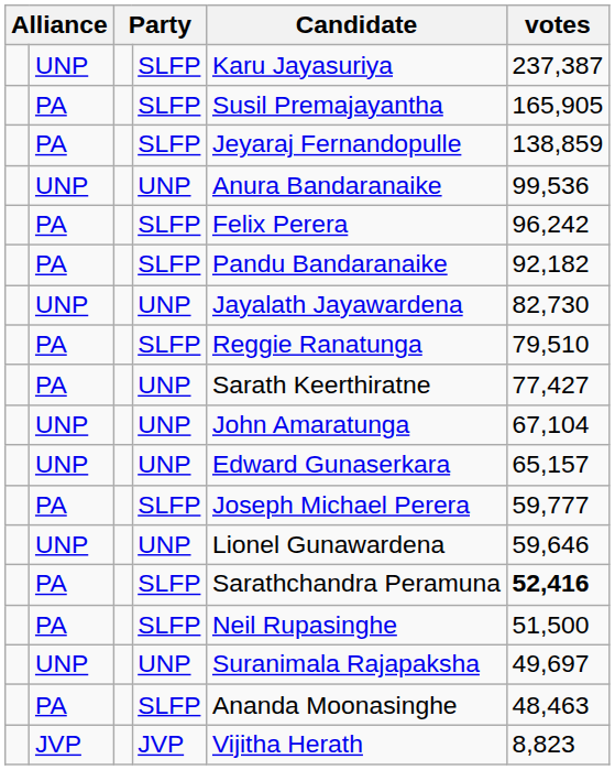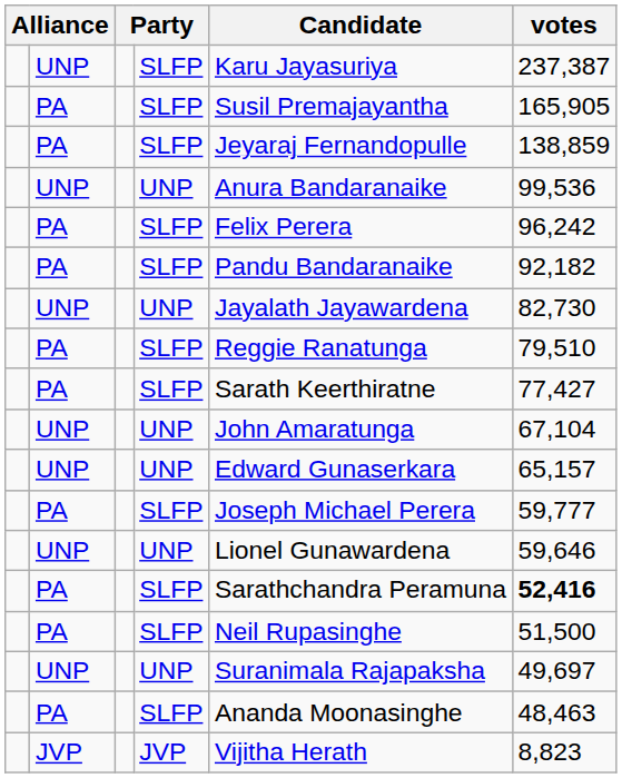 <table class="wikitable sortable mw-collapsible">
 <tr>
 <th colspan="2">Alliance</th>
 <th colspan="2">Party</th>
 <th>Candidate</th>
 <th>votes</th>
 </tr>
 <tr>
 <td bgcolor=> </td>
 <td align=left><a href='#'>UNP</a></td>
 <td bgcolor=> </td>
 <td align=left><a href='#'>SLFP</a></td>
 <td><a href='#'>Karu Jayasuriya</a></td>
 <td>237,387</td>
 </tr>
 <tr>
 <td bgcolor=> </td>
 <td align=left><a href='#'>PA</a></td>
 <td bgcolor=> </td>
 <td align=left><a href='#'>SLFP</a></td>
 <td><a href='#'>Susil Premajayantha</a></td>
 <td>165,905</td>
 </tr>
 <tr>
 <td bgcolor=> </td>
 <td align=left><a href='#'>PA</a></td>
 <td bgcolor=> </td>
 <td align=left><a href='#'>SLFP</a></td>
 <td><a href='#'>Jeyaraj Fernandopulle</a></td>
 <td>138,859</td>
 </tr>
 <tr>
 <td bgcolor=> </td>
 <td align=left><a href='#'>UNP</a></td>
 <td bgcolor=> </td>
 <td align=left><a href='#'>UNP</a></td>
 <td><a href='#'>Anura Bandaranaike</a></td>
 <td>99,536</td>
 </tr>
 <tr>
 <td bgcolor=> </td>
 <td align=left><a href='#'>PA</a></td>
 <td bgcolor=> </td>
 <td align=left><a href='#'>SLFP</a></td>
 <td><a href='#'>Felix Perera</a></td>
 <td>96,242</td>
 </tr>
 <tr>
 <td bgcolor=> </td>
 <td align=left><a href='#'>PA</a></td>
 <td bgcolor=> </td>
 <td align=left><a href='#'>SLFP</a></td>
 <td><a href='#'>Pandu Bandaranaike</a></td>
 <td>92,182</td>
 </tr>
 <tr>
 <td bgcolor=> </td>
 <td align=left><a href='#'>UNP</a></td>
 <td bgcolor=> </td>
 <td align=left><a href='#'>UNP</a></td>
 <td><a href='#'>Jayalath Jayawardena</a></td>
 <td>82,730</td>
 </tr>
 <tr>
 <td bgcolor=> </td>
 <td align=left><a href='#'>PA</a></td>
 <td bgcolor=> </td>
 <td align=left><a href='#'>SLFP</a></td>
 <td><a href='#'>Reggie Ranatunga</a></td>
 <td>79,510</td>
 </tr>
 <tr>
 <td bgcolor=> </td>
 <td align=left><a href='#'>PA</a></td>
 <td bgcolor=> </td>
-<td align=left><a href='#'>UNP</a></td>
+<td align=left><a href='#'>SLFP</a></td>
 <td>Sarath Keerthiratne</td>
 <td>77,427</td>
 </tr>
 <tr>
 <td bgcolor=> </td>
 <td align=left><a href='#'>UNP</a></td>
 <td bgcolor=> </td>
 <td align=left><a href='#'>UNP</a></td>
 <td><a href='#'>John Amaratunga</a></td>
 <td>67,104</td>
 </tr>
 <tr>
 <td bgcolor=> </td>
 <td align=left><a href='#'>UNP</a></td>
 <td bgcolor=> </td>
 <td align=left><a href='#'>UNP</a></td>
 <td><a href='#'>Edward Gunaserkara</a></td>
 <td>65,157</td>
 </tr>
 <tr>
 <td bgcolor=> </td>
 <td align=left><a href='#'>PA</a></td>
 <td bgcolor=> </td>
 <td align=left><a href='#'>SLFP</a></td>
 <td><a href='#'>Joseph Michael Perera</a></td>
 <td>59,777</td>
 </tr>
 <tr>
 <td bgcolor=> </td>
 <td align=left><a href='#'>UNP</a></td>
 <td bgcolor=> </td>
 <td align=left><a href='#'>UNP</a></td>
 <td>Lionel Gunawardena</td>
 <td>59,646</td>
 </tr>
 <tr>
 <td bgcolor=> </td>
 <td align=left><a href='#'>PA</a></td>
 <td bgcolor=> </td>
 <td align=left><a href='#'>SLFP</a></td>
 <td>Sarathchandra Peramuna</td>
 <td><strong>52,416</strong></td>
 </tr>
 <tr>
 <td bgcolor=> </td>
 <td align=left><a href='#'>PA</a></td>
 <td bgcolor=> </td>
 <td align=left><a href='#'>SLFP</a></td>
 <td><a href='#'>Neil Rupasinghe</a></td>
 <td>51,500</td>
 </tr>
 <tr>
 <td bgcolor=> </td>
 <td align=left><a href='#'>UNP</a></td>
 <td bgcolor=> </td>
 <td align=left><a href='#'>UNP</a></td>
 <td><a href='#'>Suranimala Rajapaksha</a></td>
 <td>49,697</td>
 </tr>
 <tr>
 <td bgcolor=> </td>
 <td align=left><a href='#'>PA</a></td>
 <td bgcolor=> </td>
 <td align=left><a href='#'>SLFP</a></td>
 <td>Ananda Moonasinghe</td>
 <td>48,463</td>
 </tr>
 <tr>
 <td bgcolor=> </td>
 <td align=left><a href='#'>JVP</a></td>
 <td bgcolor=> </td>
 <td align=left><a href='#'>JVP</a></td>
 <td><a href='#'>Vijitha Herath</a></td>
 <td>8,823</td>
 </tr>
 </table>
